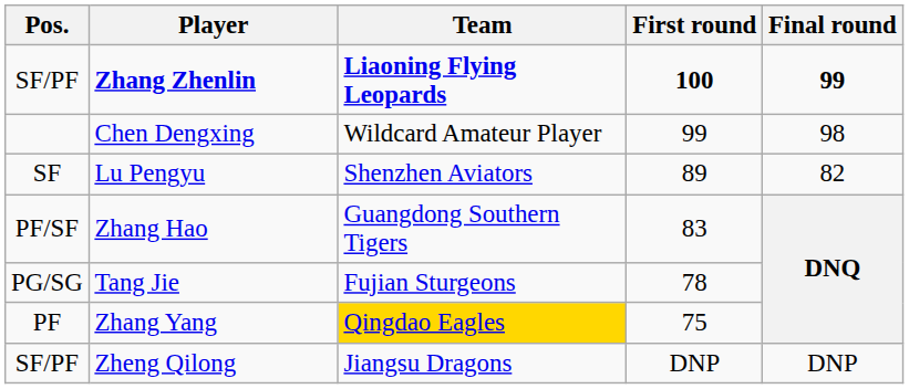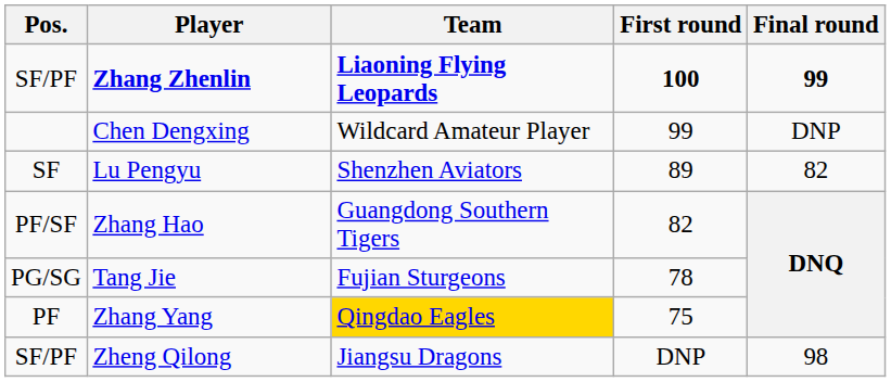 <table class="wikitable sortable">
 <tr>
 <th>Pos.</th>
 <th style="width:150px;">Player</th>
 <th width=175>Team</th>
 <th>First round</th>
 <th>Final round</th>
 </tr>
 <tr>
 <td style="text-align:center">SF/PF</td>
 <td><strong><a href='#'>Zhang Zhenlin</a></strong></td>
 <td><strong><a href='#'>Liaoning Flying Leopards</a></strong></td>
 <td align=center><strong>100</strong> </td>
 <td style="text-align:center;"><strong>99</strong></td>
 </tr>
 <tr>
 <td style="text-align:center"></td>
 <td><a href='#'>Chen Dengxing</a></td>
 <td>Wildcard Amateur Player</td>
 <td align=center>99 </td>
-<td style="text-align:center;">98</td>
+<td style="text-align:center;">DNP</td>
 </tr>
 <tr>
 <td style="text-align:center">SF</td>
 <td><a href='#'>Lu Pengyu</a></td>
 <td><a href='#'>Shenzhen Aviators</a></td>
 <td align=center>89 </td>
 <td style="text-align:center;">82</td>
 </tr>
 <tr>
 <td style="text-align:center">PF/SF</td>
 <td><a href='#'>Zhang Hao</a></td>
 <td><a href='#'>Guangdong Southern Tigers</a></td>
-<td align=center>83 </td>
+<td align=center>82 </td>
 <th rowspan="3" style="text-align:center;">DNQ</th>
 </tr>
 <tr>
 <td style="text-align:center">PG/SG</td>
 <td><a href='#'>Tang Jie</a></td>
 <td><a href='#'>Fujian Sturgeons</a></td>
 <td align=center>78 </td>
 </tr>
 <tr>
 <td style="text-align:center">PF</td>
 <td><a href='#'>Zhang Yang</a></td>
 <td style="background: gold;"><a href='#'>Qingdao Eagles</a></td>
 <td align=center>75 </td>
 </tr>
 <tr>
 <td style="text-align:center">SF/PF</td>
 <td><a href='#'>Zheng Qilong</a></td>
 <td><a href='#'>Jiangsu Dragons</a></td>
 <td align=center>DNP</td>
-<td style="text-align:center;">DNP</td>
+<td style="text-align:center;">98</td>
 </tr>
 </table>
